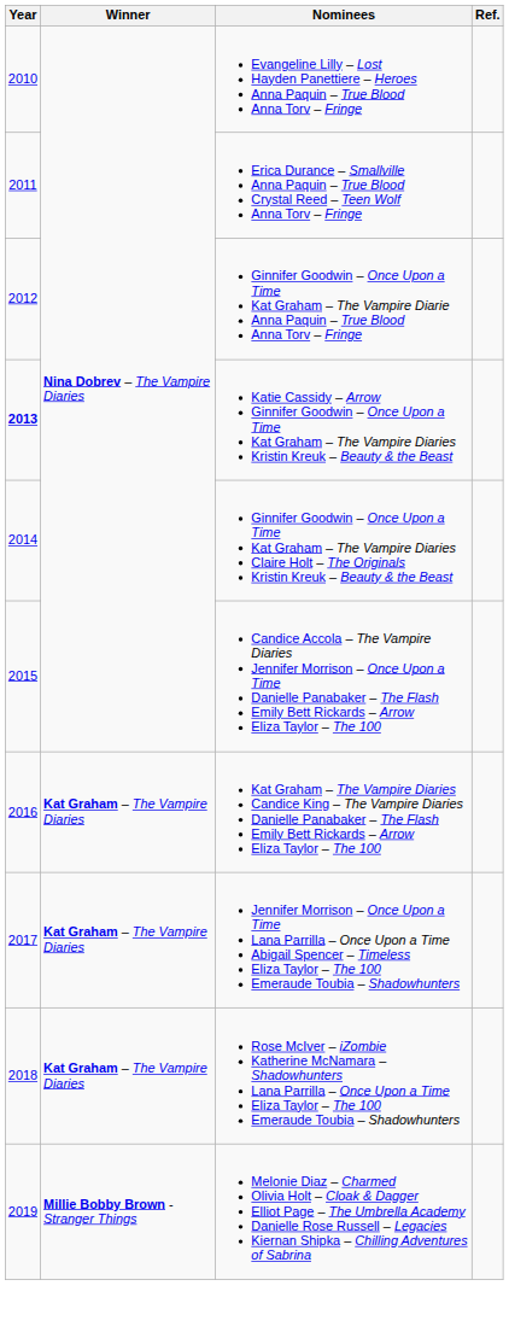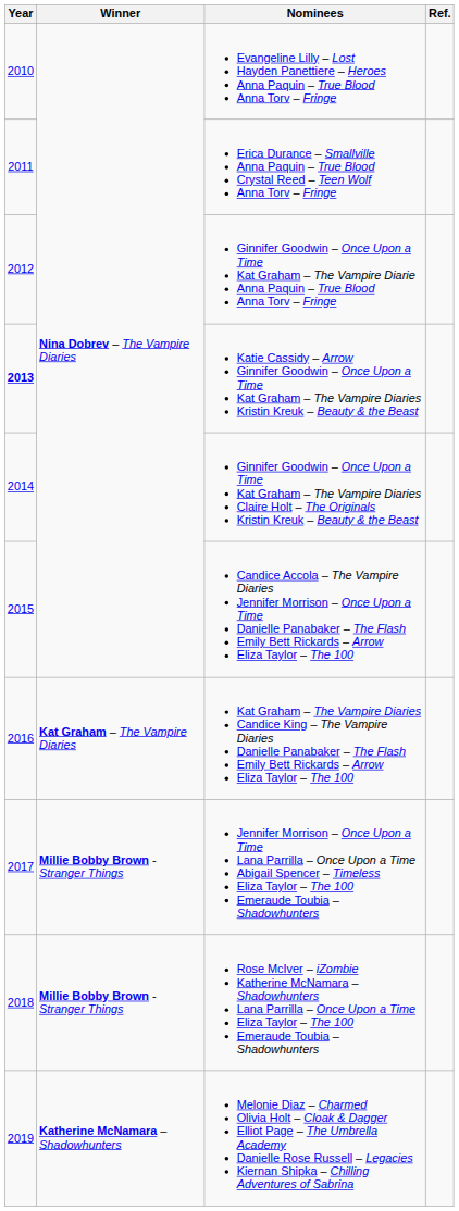 <table class="wikitable">
 <tr>
 <th>Year</th>
 <th>Winner</th>
 <th>Nominees</th>
 <th>Ref.</th>
 </tr>
 <tr>
 <td align="center"><a href='#'>2010</a></td>
 <td rowspan=6><strong><a href='#'>Nina Dobrev</a></strong> – <em><a href='#'>The Vampire Diaries</a></em></td>
 <td><br><ul><li><a href='#'>Evangeline Lilly</a> – <em><a href='#'>Lost</a></em></li><li><a href='#'>Hayden Panettiere</a> – <em><a href='#'>Heroes</a></em></li><li><a href='#'>Anna Paquin</a> – <em><a href='#'>True Blood</a></em></li><li><a href='#'>Anna Torv</a> – <em><a href='#'>Fringe</a></em></li></ul></td>
 <td align="center"></td>
 </tr>
 <tr>
 <td align="center"><a href='#'>2011</a></td>
 <td><br><ul><li><a href='#'>Erica Durance</a> – <em><a href='#'>Smallville</a></em></li><li><a href='#'>Anna Paquin</a> – <em><a href='#'>True Blood</a></em></li><li><a href='#'>Crystal Reed</a> – <em><a href='#'>Teen Wolf</a></em></li><li><a href='#'>Anna Torv</a> – <em><a href='#'>Fringe</a></em></li></ul></td>
 <td align="center"></td>
 </tr>
 <tr>
 <td align="center"><a href='#'>2012</a></td>
 <td><br><ul><li><a href='#'>Ginnifer Goodwin</a> – <em><a href='#'>Once Upon a Time</a></em></li><li><a href='#'>Kat Graham</a> – <em>The Vampire Diarie</em></li><li><a href='#'>Anna Paquin</a> – <em><a href='#'>True Blood</a></em></li><li><a href='#'>Anna Torv</a> – <em><a href='#'>Fringe</a></em></li></ul></td>
 <td align="center"></td>
 </tr>
 <tr>
 <td align="center"><strong><a href='#'>2013</a></strong></td>
 <td><br><ul><li><a href='#'>Katie Cassidy</a> – <em><a href='#'>Arrow</a></em></li><li><a href='#'>Ginnifer Goodwin</a> – <em><a href='#'>Once Upon a Time</a></em></li><li><a href='#'>Kat Graham</a> – <em>The Vampire Diaries</em></li><li><a href='#'>Kristin Kreuk</a> – <em><a href='#'>Beauty & the Beast</a></em></li></ul></td>
 <td align="center"></td>
 </tr>
 <tr>
 <td align="center"><a href='#'>2014</a></td>
 <td><br><ul><li><a href='#'>Ginnifer Goodwin</a> – <em><a href='#'>Once Upon a Time</a></em></li><li><a href='#'>Kat Graham</a> – <em>The Vampire Diaries</em></li><li><a href='#'>Claire Holt</a> – <em><a href='#'>The Originals</a></em></li><li><a href='#'>Kristin Kreuk</a> – <em><a href='#'>Beauty & the Beast</a></em></li></ul></td>
 <td align="center"></td>
 </tr>
 <tr>
 <td align="center"><a href='#'>2015</a></td>
 <td><br><ul><li><a href='#'>Candice Accola</a> – <em>The Vampire Diaries</em></li><li><a href='#'>Jennifer Morrison</a> – <em><a href='#'>Once Upon a Time</a></em></li><li><a href='#'>Danielle Panabaker</a> – <em><a href='#'>The Flash</a></em></li><li><a href='#'>Emily Bett Rickards</a> – <em><a href='#'>Arrow</a></em></li><li><a href='#'>Eliza Taylor</a> – <em><a href='#'>The 100</a></em></li></ul></td>
 <td align="center"></td>
 </tr>
 <tr>
 <td align="center"><a href='#'>2016</a></td>
 <td><strong><a href='#'>Kat Graham</a></strong> – <em><a href='#'>The Vampire Diaries</a></em></td>
 <td><br><ul><li><a href='#'>Kat Graham</a> – <em><a href='#'>The Vampire Diaries</a></em></li><li><a href='#'>Candice King</a> – <em>The Vampire Diaries</em></li><li><a href='#'>Danielle Panabaker</a> – <em><a href='#'>The Flash</a></em></li><li><a href='#'>Emily Bett Rickards</a> – <em><a href='#'>Arrow</a></em></li><li><a href='#'>Eliza Taylor</a> – <em><a href='#'>The 100</a></em></li></ul></td>
 <td align="center"></td>
 </tr>
 <tr>
 <td align="center"><a href='#'>2017</a></td>
-<td><strong><a href='#'>Kat Graham</a></strong> – <em><a href='#'>The Vampire Diaries</a></em></td>
+<td><strong><a href='#'>Millie Bobby Brown</a></strong> - <em><a href='#'>Stranger Things</a></em></td>
 <td><br><ul><li><a href='#'>Jennifer Morrison</a> – <em><a href='#'>Once Upon a Time</a></em></li><li><a href='#'>Lana Parrilla</a> – <em>Once Upon a Time</em></li><li><a href='#'>Abigail Spencer</a> – <em><a href='#'>Timeless</a></em></li><li><a href='#'>Eliza Taylor</a> – <em><a href='#'>The 100</a></em></li><li><a href='#'>Emeraude Toubia</a> – <em><a href='#'>Shadowhunters</a></em></li></ul></td>
 <td align="center"></td>
 </tr>
 <tr>
 <td align="center"><a href='#'>2018</a></td>
-<td><strong><a href='#'>Kat Graham</a></strong> – <em><a href='#'>The Vampire Diaries</a></em></td>
+<td><strong><a href='#'>Millie Bobby Brown</a></strong> - <em><a href='#'>Stranger Things</a></em></td>
 <td><br><ul><li><a href='#'>Rose McIver</a> – <em><a href='#'>iZombie</a></em></li><li><a href='#'>Katherine McNamara</a> – <em><a href='#'>Shadowhunters</a></em></li><li><a href='#'>Lana Parrilla</a> – <em><a href='#'>Once Upon a Time</a></em></li><li><a href='#'>Eliza Taylor</a> – <em><a href='#'>The 100</a></em></li><li><a href='#'>Emeraude Toubia</a> – <em>Shadowhunters</em></li></ul></td>
 <td align="center"></td>
 </tr>
 <tr>
 <td align="center"><a href='#'>2019</a></td>
-<td><strong><a href='#'>Millie Bobby Brown</a></strong> - <em><a href='#'>Stranger Things</a></em></td>
+<td><strong><a href='#'>Katherine McNamara</a></strong> – <em><a href='#'>Shadowhunters</a></em></td>
 <td><br><ul><li><a href='#'>Melonie Diaz</a> – <a href='#'><em>Charmed</em></a></li><li><a href='#'>Olivia Holt</a> – <a href='#'><em>Cloak & Dagger</em></a></li><li><a href='#'>Elliot Page</a> – <a href='#'><em>The Umbrella Academy</em></a></li><li><a href='#'>Danielle Rose Russell</a> – <a href='#'><em>Legacies</em></a></li><li><a href='#'>Kiernan Shipka</a> – <a href='#'><em>Chilling Adventures of Sabrina</em></a></li></ul></td>
 <td align="center"></td>
 </tr>
 </table>
